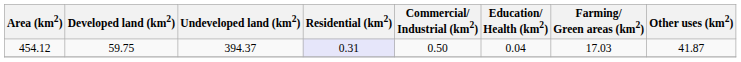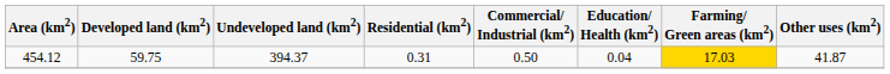 <table class="wikitable" style="text-align: center;">
 <tr>
 <th>Area (km<sup>2</sup>)</th>
 <th>Developed land (km<sup>2</sup>)</th>
 <th>Undeveloped land (km<sup>2</sup>)</th>
 <th>Residential (km<sup>2</sup>)</th>
 <th>Commercial/<br> Industrial (km<sup>2</sup>)</th>
 <th>Education/<br> Health (km<sup>2</sup>)</th>
 <th>Farming/<br> Green areas (km<sup>2</sup>)</th>
 <th>Other uses (km<sup>2</sup>)</th>
 </tr>
 <tr>
 <td>454.12</td>
 <td>59.75</td>
 <td>394.37</td>
-<td style="background: lavender;">0.31</td>
+<td>0.31</td>
 <td>0.50</td>
 <td>0.04</td>
-<td>17.03</td>
+<td style="background: gold;">17.03</td>
 <td>41.87</td>
 </tr>
 <tr>
 </tr>
 </table>
